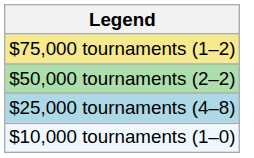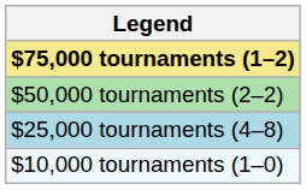 <table class=wikitable style="font-size:85%">
 <tr>
 <th>Legend</th>
 </tr>
 <tr style="background:#f7e98e;">
-<td>$75,000 tournaments (1–2)</td>
+<td><strong>$75,000 tournaments (1–2)</strong></td>
 </tr>
 <tr style="background:#addfad;">
 <td>$50,000 tournaments (2–2)</td>
 </tr>
 <tr style="background:lightblue;">
 <td>$25,000 tournaments (4–8)</td>
 </tr>
 <tr style="background:#f0f8ff;">
 <td>$10,000 tournaments (1–0)</td>
 </tr>
 </table>
